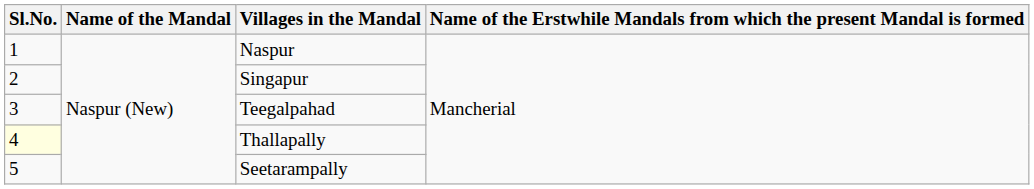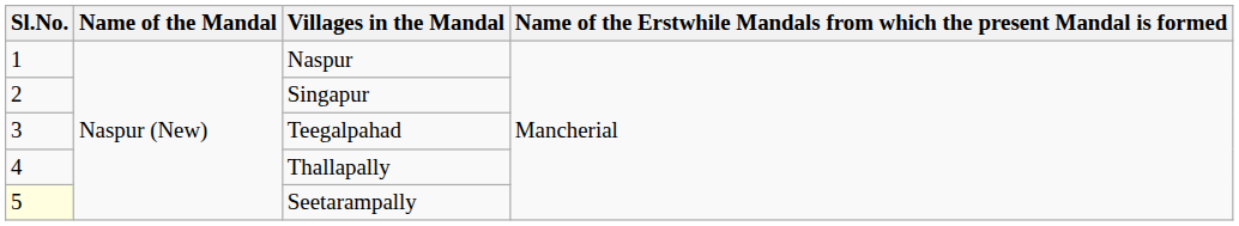 <table class="wikitable">
 <tr>
 <th>Sl.No.</th>
 <th>Name of the Mandal</th>
 <th>Villages in the Mandal</th>
 <th>Name of the Erstwhile Mandals from which the present Mandal is formed</th>
 </tr>
 <tr>
 <td>1</td>
 <td rowspan="5">Naspur (New)</td>
 <td>Naspur</td>
 <td rowspan="5">Mancherial</td>
 </tr>
 <tr>
 <td>2</td>
 <td>Singapur</td>
 </tr>
 <tr>
 <td>3</td>
 <td>Teegalpahad</td>
 </tr>
 <tr>
-<td style="background: lightyellow;">4</td>
+<td>4</td>
 <td>Thallapally</td>
 </tr>
 <tr>
-<td>5</td>
+<td style="background: lightyellow;">5</td>
 <td>Seetarampally</td>
 </tr>
 </table>
